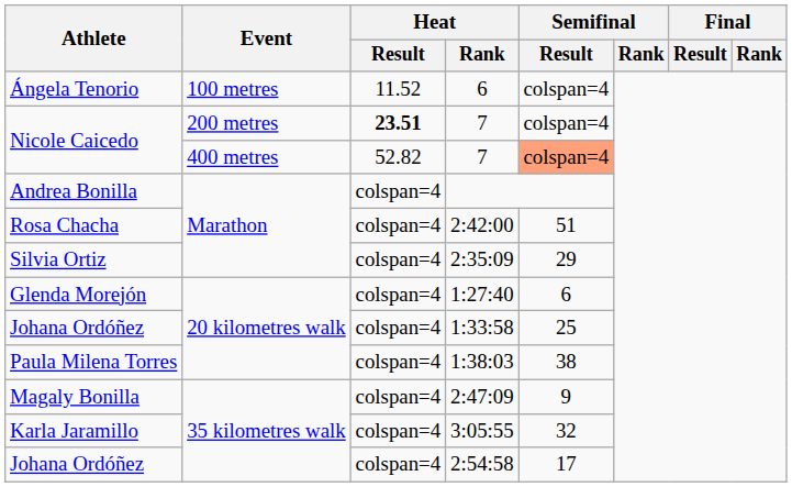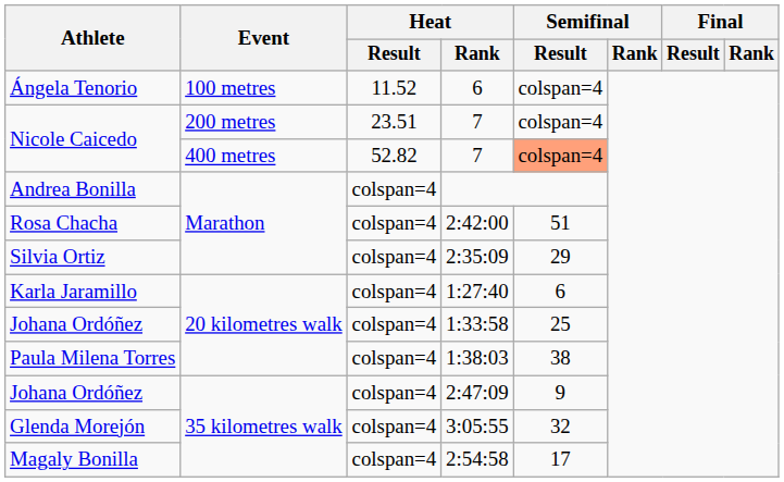 <table class="wikitable" style="font-size:90%">
 <tr>
 <th rowspan="2">Athlete</th>
 <th rowspan="2">Event</th>
 <th colspan="2">Heat</th>
 <th colspan="2">Semifinal</th>
 <th colspan="2">Final</th>
 </tr>
 <tr style="font-size:95%">
 <th>Result</th>
 <th>Rank</th>
 <th>Result</th>
 <th>Rank</th>
 <th>Result</th>
 <th>Rank</th>
 </tr>
 <tr align=center>
 <td align=left><a href='#'>Ángela Tenorio</a></td>
 <td align=left><a href='#'>100 metres</a></td>
 <td>11.52</td>
 <td>6</td>
 <td>colspan=4 </td>
 </tr>
 <tr align=center>
 <td align=left rowspan=2><a href='#'>Nicole Caicedo</a></td>
 <td align=left><a href='#'>200 metres</a></td>
-<td><strong>23.51</strong></td>
+<td>23.51</td>
 <td>7</td>
 <td>colspan=4 </td>
 </tr>
 <tr align=center>
 <td align=left><a href='#'>400 metres</a></td>
 <td>52.82</td>
 <td>7</td>
 <td style="background: lightsalmon;">colspan=4 </td>
 </tr>
 <tr align=center>
 <td align=left><a href='#'>Andrea Bonilla</a></td>
 <td align=left rowspan=3><a href='#'>Marathon</a></td>
 <td>colspan=4</td>
 <td colspan=2></td>
 </tr>
 <tr align=center>
 <td align=left><a href='#'>Rosa Chacha</a></td>
 <td>colspan=4</td>
 <td>2:42:00</td>
 <td>51</td>
 </tr>
 <tr align=center>
 <td align=left><a href='#'>Silvia Ortiz</a></td>
 <td>colspan=4</td>
 <td>2:35:09</td>
 <td>29</td>
 </tr>
 <tr align=center>
-<td align=left><a href='#'>Glenda Morejón</a></td>
+<td align=left><a href='#'>Karla Jaramillo</a></td>
 <td align=left rowspan=3><a href='#'>20 kilometres walk</a></td>
 <td>colspan=4</td>
 <td>1:27:40 </td>
 <td>6</td>
 </tr>
 <tr align=center>
 <td align=left><a href='#'>Johana Ordóñez</a></td>
 <td>colspan=4</td>
 <td>1:33:58</td>
 <td>25</td>
 </tr>
 <tr align=center>
 <td align=left><a href='#'>Paula Milena Torres</a></td>
 <td>colspan=4</td>
 <td>1:38:03</td>
 <td>38</td>
 </tr>
 <tr align=center>
-<td align=left><a href='#'>Magaly Bonilla</a></td>
+<td align=left><a href='#'>Johana Ordóñez</a></td>
 <td align=left rowspan=3><a href='#'>35 kilometres walk</a></td>
 <td>colspan=4</td>
 <td>2:47:09</td>
 <td>9</td>
 </tr>
 <tr align=center>
-<td align=left><a href='#'>Karla Jaramillo</a></td>
+<td align=left><a href='#'>Glenda Morejón</a></td>
 <td>colspan=4</td>
 <td>3:05:55</td>
 <td>32</td>
 </tr>
 <tr align=center>
-<td align=left><a href='#'>Johana Ordóñez</a></td>
+<td align=left><a href='#'>Magaly Bonilla</a></td>
 <td>colspan=4</td>
 <td>2:54:58 </td>
 <td>17</td>
 </tr>
 </table>
